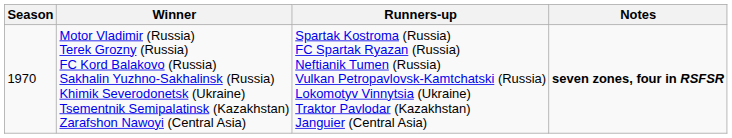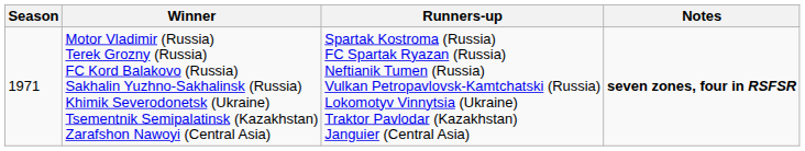 <table class="wikitable">
 <tr>
 <th>Season</th>
 <th>Winner</th>
 <th>Runners-up</th>
 <th>Notes</th>
 </tr>
 <tr>
-<td>1970</td>
+<td>1971</td>
 <td><a href='#'>Motor Vladimir</a> (Russia)<br><a href='#'>Terek Grozny</a> (Russia)<br><a href='#'>FC Kord Balakovo</a> (Russia)<br><a href='#'>Sakhalin Yuzhno-Sakhalinsk</a> (Russia)<br><a href='#'>Khimik Severodonetsk</a> (Ukraine)<br><a href='#'>Tsementnik Semipalatinsk</a> (Kazakhstan)<br><a href='#'>Zarafshon Nawoyi</a> (Central Asia)</td>
 <td><a href='#'>Spartak Kostroma</a> (Russia)<br><a href='#'>FC Spartak Ryazan</a> (Russia)<br><a href='#'>Neftianik Tumen</a> (Russia)<br><a href='#'>Vulkan Petropavlovsk‑Kamtchatski</a> (Russia)<br><a href='#'>Lokomotyv Vinnytsia</a>  (Ukraine)<br><a href='#'>Traktor Pavlodar</a> (Kazakhstan)<br><a href='#'>Janguier</a> (Central Asia)</td>
 <td><strong>seven zones, four in <em>RSFSR</em></strong></td>
 </tr>
 </table>
